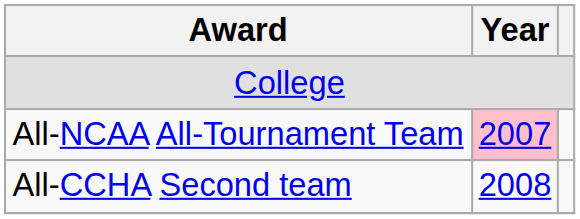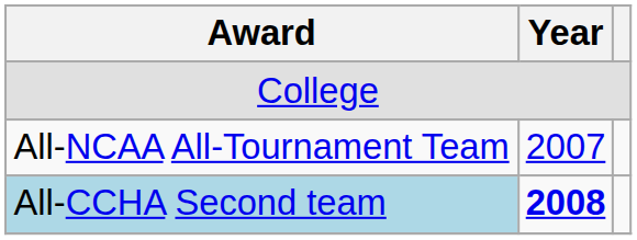 <table class="wikitable">
 <tr>
 <th>Award</th>
 <th>Year</th>
 <th></th>
 </tr>
 <tr ALIGN="center" bgcolor="#e0e0e0">
 <td colspan="3"><a href='#'>College</a></td>
 </tr>
 <tr>
 <td>All-<a href='#'>NCAA</a> <a href='#'>All-Tournament Team</a></td>
-<td style="background: pink;"><a href='#'>2007</a></td>
+<td><a href='#'>2007</a></td>
 <td></td>
 </tr>
 <tr>
-<td>All-<a href='#'>CCHA</a> <a href='#'>Second team</a></td>
-<td><a href='#'>2008</a></td>
+<td style="background: lightblue;">All-<a href='#'>CCHA</a> <a href='#'>Second team</a></td>
+<td><strong><a href='#'>2008</a></strong></td>
 <td></td>
 </tr>
 <tr>
 </tr>
 </table>
